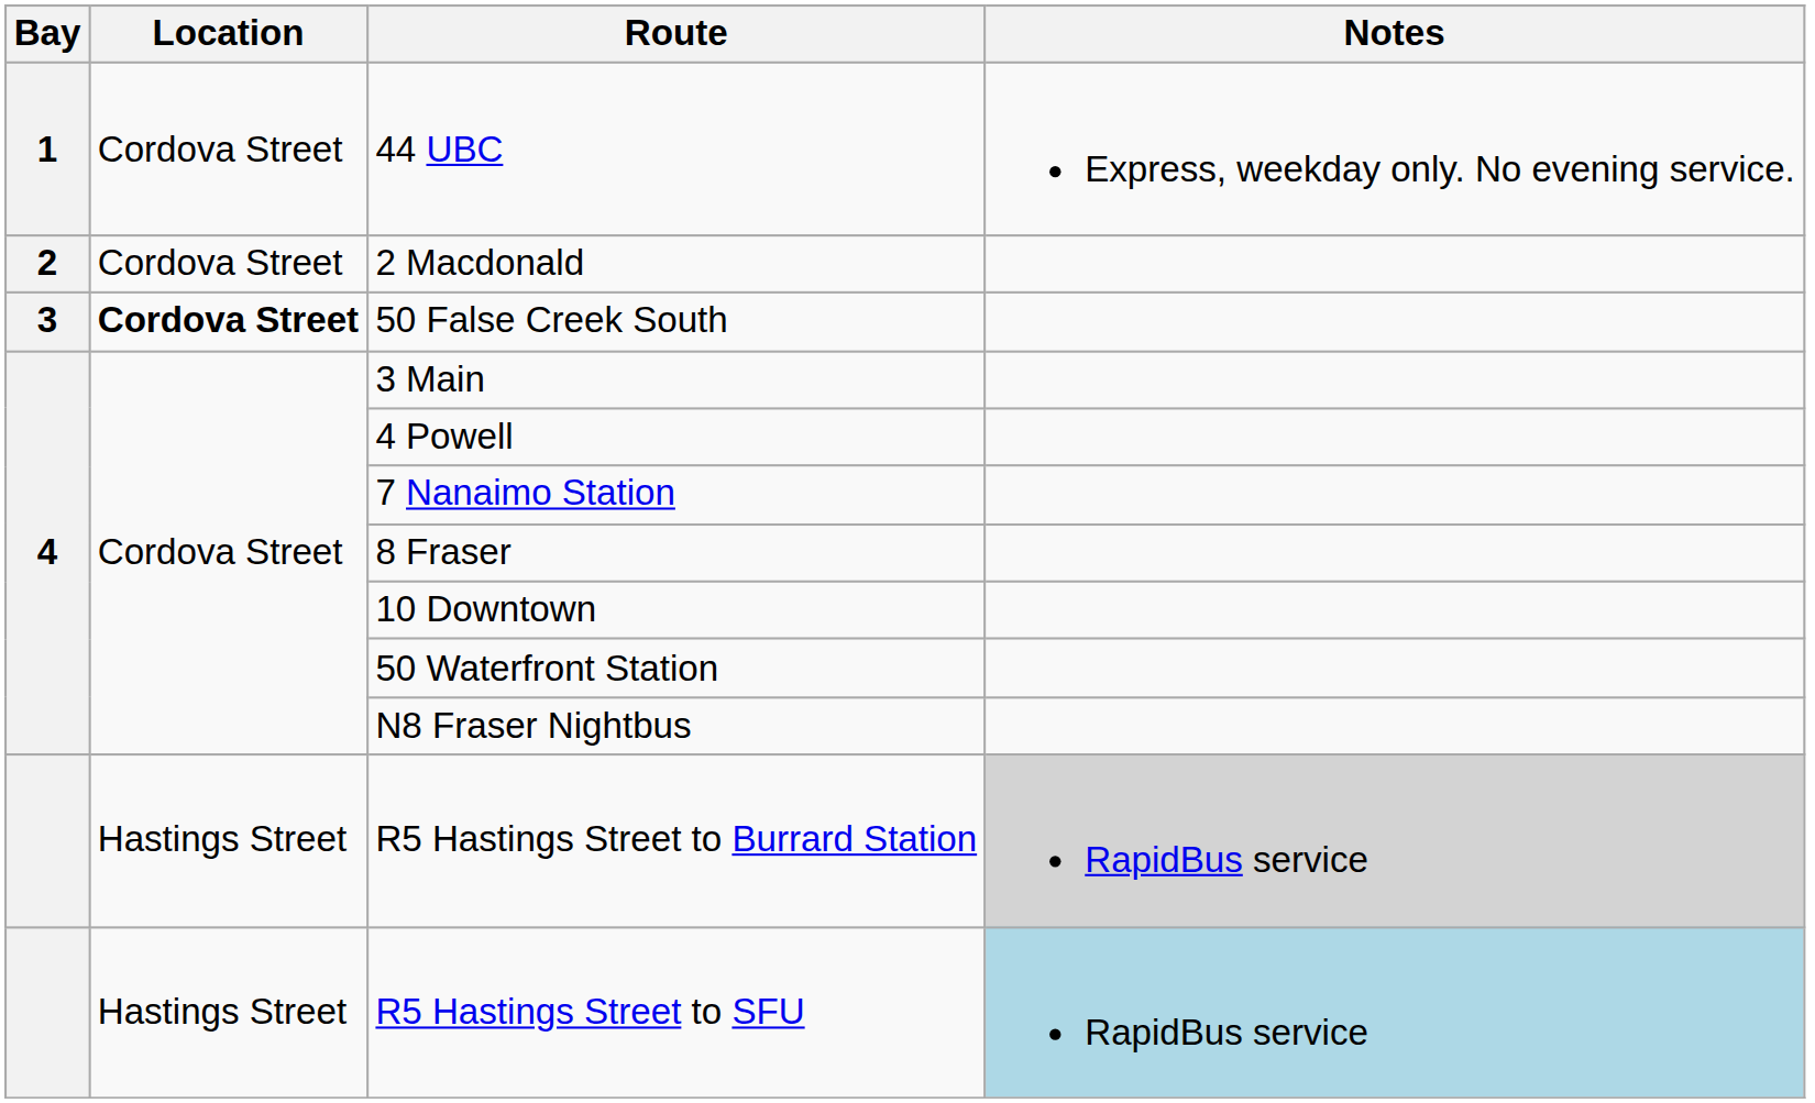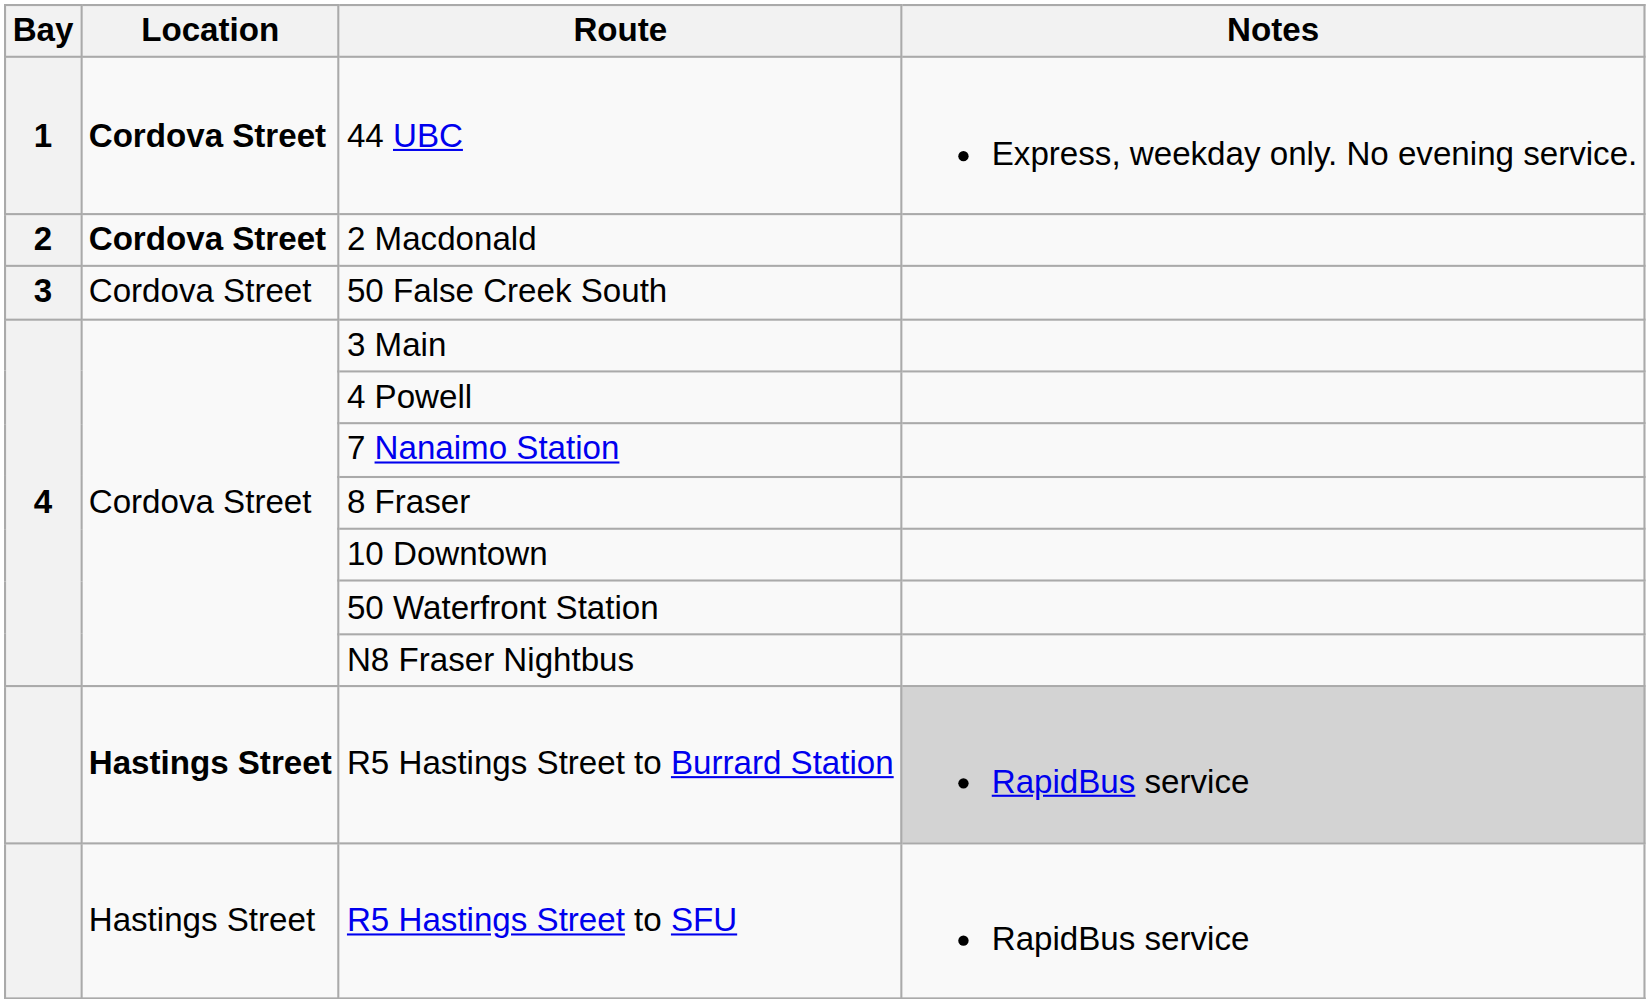 <table class="wikitable">
 <tr>
 <th>Bay</th>
 <th>Location</th>
 <th>Route</th>
 <th>Notes</th>
 </tr>
 <tr>
 <th>1</th>
-<td>Cordova Street<br></td>
+<td><strong>Cordova Street<br></strong></td>
 <td>44 <a href='#'>UBC</a></td>
 <td><br><ul><li>Express, weekday only. No evening service.</li></ul></td>
 </tr>
 <tr>
 <th>2</th>
-<td>Cordova Street<br></td>
+<td><strong>Cordova Street<br></strong></td>
 <td>2 Macdonald</td>
 <td></td>
 </tr>
 <tr>
 <th>3</th>
-<td><strong>Cordova Street<br></strong></td>
+<td>Cordova Street<br></td>
 <td>50 False Creek South</td>
 <td></td>
 </tr>
 <tr>
 <th rowspan="7">4</th>
 <td rowspan="7">Cordova Street<br></td>
 <td>3 Main</td>
 <td></td>
 </tr>
 <tr>
 <td>4 Powell</td>
 <td></td>
 </tr>
 <tr>
 <td>7 <a href='#'>Nanaimo Station</a></td>
 <td></td>
 </tr>
 <tr>
 <td>8 Fraser</td>
 <td></td>
 </tr>
 <tr>
 <td>10 Downtown</td>
 <td></td>
 </tr>
 <tr>
 <td>50 Waterfront Station</td>
 <td></td>
 </tr>
 <tr>
 <td>N8 Fraser Nightbus</td>
 <td></td>
 </tr>
 <tr>
 <th></th>
-<td>Hastings Street<br></td>
+<td><strong>Hastings Street<br></strong></td>
 <td>R5 Hastings Street to <a href='#'>Burrard Station</a></td>
 <td style="background: lightgrey;"><br><ul><li><a href='#'>RapidBus</a> service</li></ul></td>
 </tr>
 <tr>
 <th></th>
 <td>Hastings Street<br></td>
 <td><a href='#'>R5 Hastings Street</a> to <a href='#'>SFU</a></td>
-<td style="background: lightblue;"><br><ul><li>RapidBus service</li></ul></td>
+<td><br><ul><li>RapidBus service</li></ul></td>
 </tr>
 <tr>
 </tr>
 </table>
